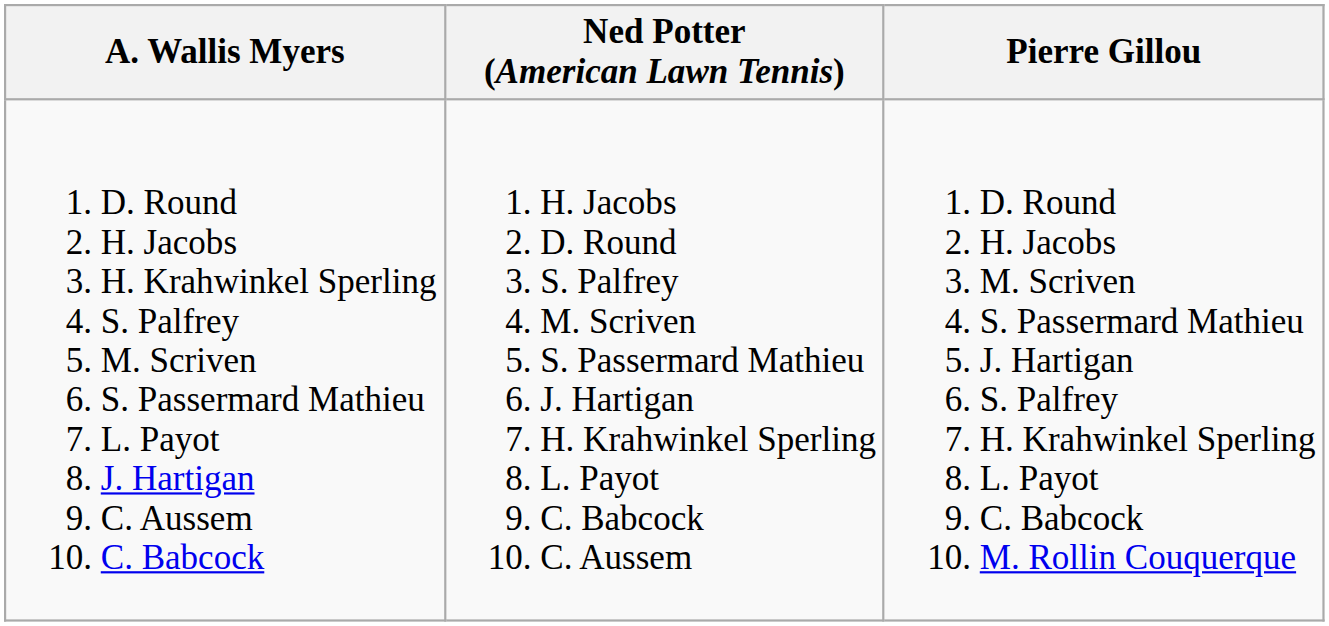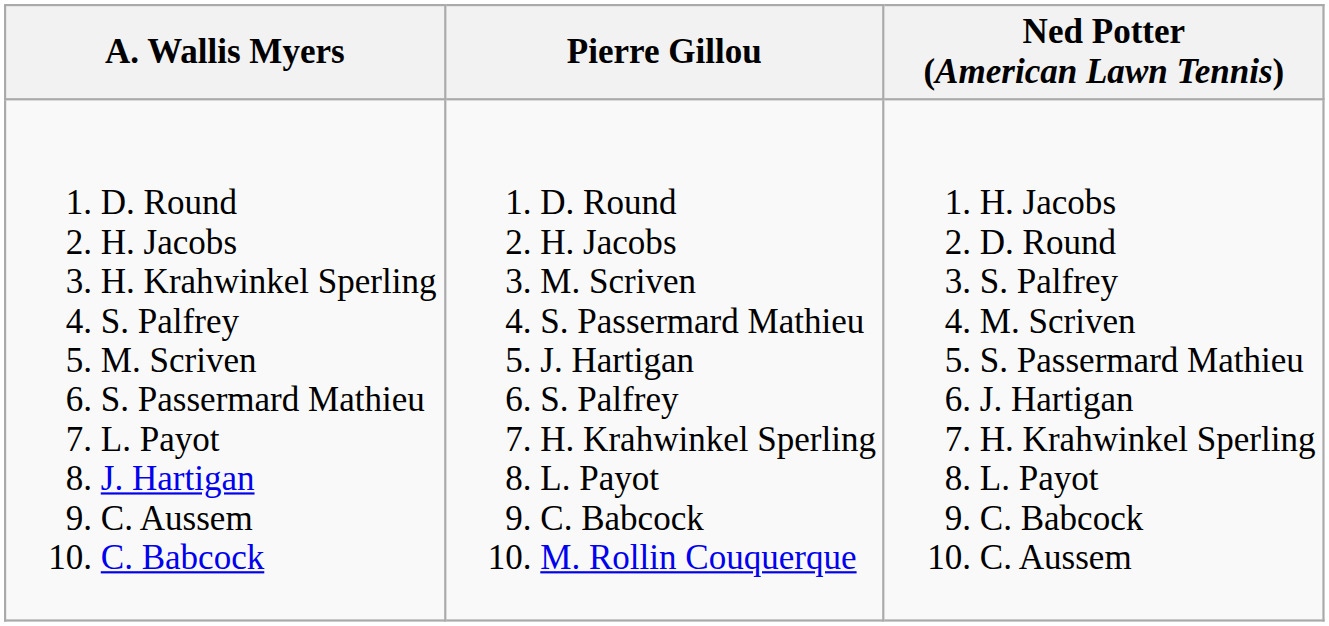 <table class="wikitable">
 <tr>
 <th>A. Wallis Myers</th>
+<th>Pierre Gillou</th>
 <th>Ned Potter<br>(<em>American Lawn Tennis</em>)</th>
-<th>Pierre Gillou</th>
 </tr>
 <tr style="vertical-align: top;">
 <td style="white-space: nowrap;"><br><ol><li> D. Round</li><li> H. Jacobs</li><li> H. Krahwinkel Sperling</li><li> S. Palfrey</li><li> M. Scriven</li><li> S. Passermard Mathieu</li><li> L. Payot</li><li> <a href='#'>J. Hartigan</a></li><li> C. Aussem</li><li> <a href='#'>C. Babcock</a></li></ol></td>
+<td style="white-space: nowrap;"><br><ol><li> D. Round</li><li> H. Jacobs</li><li> M. Scriven</li><li> S. Passermard Mathieu</li><li> J. Hartigan</li><li> S. Palfrey</li><li> H. Krahwinkel Sperling</li><li> L. Payot</li><li> C. Babcock</li><li> <a href='#'>M. Rollin Couquerque</a></li></ol></td>
 <td style="white-space: nowrap;"><br><ol><li> H. Jacobs</li><li> D. Round</li><li> S. Palfrey</li><li> M. Scriven</li><li> S. Passermard Mathieu</li><li> J. Hartigan</li><li> H. Krahwinkel Sperling</li><li> L. Payot</li><li> C. Babcock</li><li> C. Aussem</li></ol></td>
-<td style="white-space: nowrap;"><br><ol><li> D. Round</li><li> H. Jacobs</li><li> M. Scriven</li><li> S. Passermard Mathieu</li><li> J. Hartigan</li><li> S. Palfrey</li><li> H. Krahwinkel Sperling</li><li> L. Payot</li><li> C. Babcock</li><li> <a href='#'>M. Rollin Couquerque</a></li></ol></td>
 </tr>
 </table>
